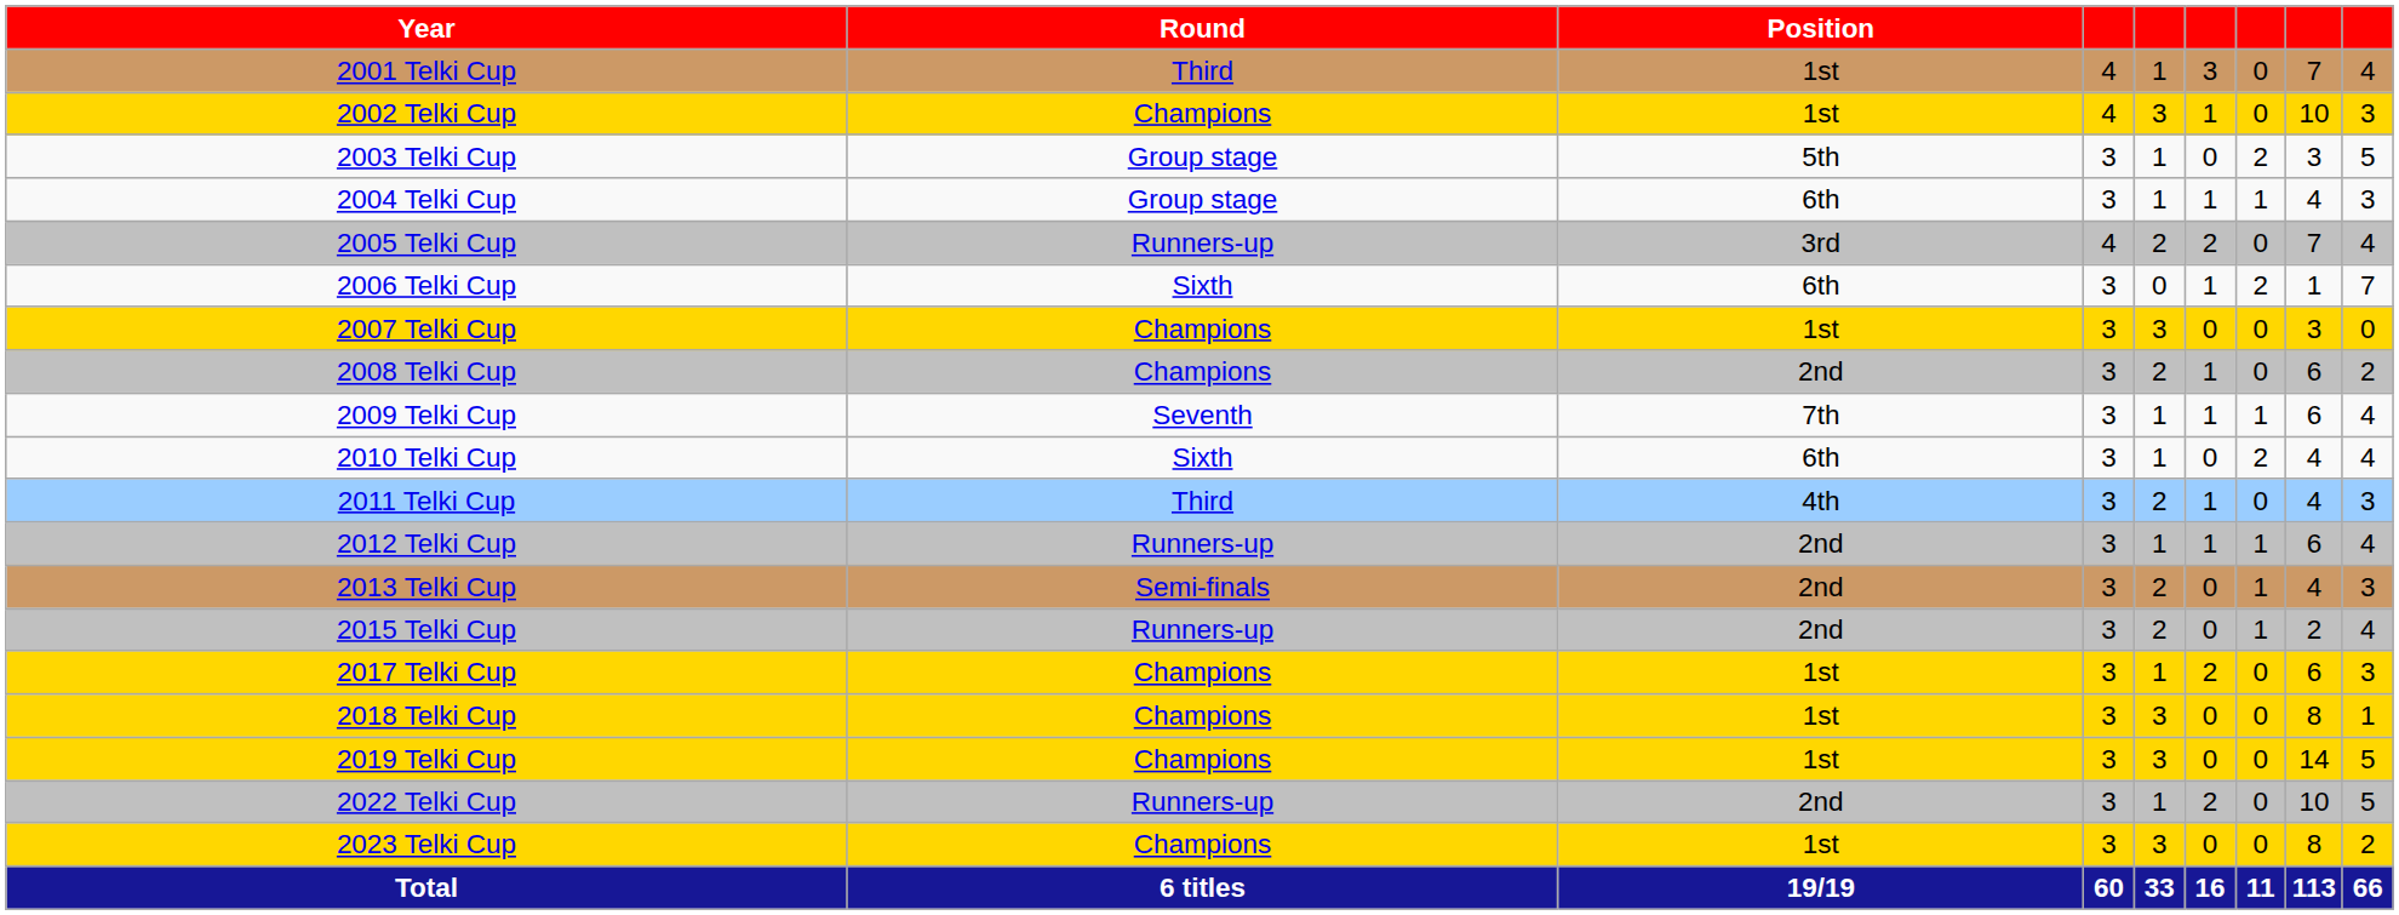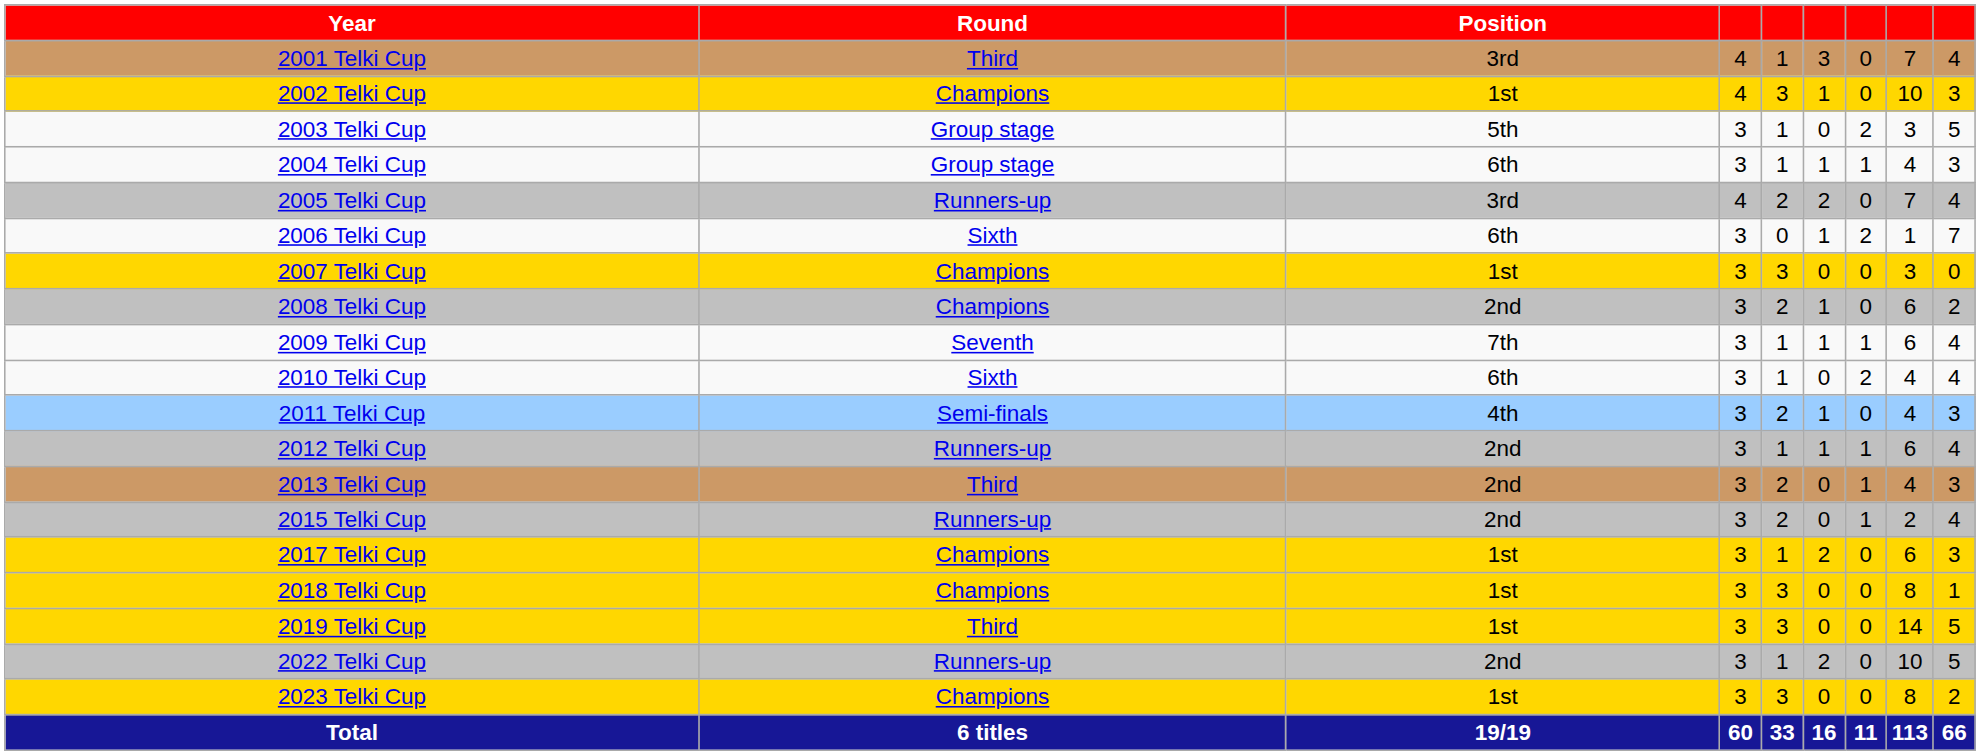 <table class="wikitable" style="font-size:90%; text-align:center;" width="100%" class="wikitable">
 <tr>
 <th style="background:#ff0000; color:white; ">Year</th>
 <th style="background:#ff0000; color:white; ">Round</th>
 <th style="background:#ff0000; color:white; ">Position</th>
 <th width="20" style="background:#ff0000; color:white; "></th>
 <th width="20" style="background:#ff0000; color:white; "></th>
 <th width="20" style="background:#ff0000; color:white; "></th>
 <th width="20" style="background:#ff0000; color:white; "></th>
 <th width="20" style="background:#ff0000; color:white; "></th>
 <th width="20" style="background:#ff0000; color:white; "></th>
 </tr>
 <tr bgcolor=#cc9966>
 <td> <a href='#'>2001 Telki Cup</a></td>
 <td><a href='#'>Third</a></td>
-<td>1st</td>
+<td>3rd</td>
 <td>4</td>
 <td>1</td>
 <td>3</td>
 <td>0</td>
 <td>7</td>
 <td>4</td>
 </tr>
 <tr bgcolor=gold>
 <td> <a href='#'>2002 Telki Cup</a></td>
 <td><a href='#'>Champions</a></td>
 <td>1st</td>
 <td>4</td>
 <td>3</td>
 <td>1</td>
 <td>0</td>
 <td>10</td>
 <td>3</td>
 </tr>
 <tr>
 <td> <a href='#'>2003 Telki Cup</a></td>
 <td><a href='#'>Group stage</a></td>
 <td>5th</td>
 <td>3</td>
 <td>1</td>
 <td>0</td>
 <td>2</td>
 <td>3</td>
 <td>5</td>
 </tr>
 <tr>
 <td> <a href='#'>2004 Telki Cup</a></td>
 <td><a href='#'>Group stage</a></td>
 <td>6th</td>
 <td>3</td>
 <td>1</td>
 <td>1</td>
 <td>1</td>
 <td>4</td>
 <td>3</td>
 </tr>
 <tr bgcolor=silver>
 <td> <a href='#'>2005 Telki Cup</a></td>
 <td><a href='#'>Runners-up</a></td>
 <td>3rd</td>
 <td>4</td>
 <td>2</td>
 <td>2</td>
 <td>0</td>
 <td>7</td>
 <td>4</td>
 </tr>
 <tr>
 <td> <a href='#'>2006 Telki Cup</a></td>
 <td><a href='#'>Sixth</a></td>
 <td>6th</td>
 <td>3</td>
 <td>0</td>
 <td>1</td>
 <td>2</td>
 <td>1</td>
 <td>7</td>
 </tr>
 <tr bgcolor=gold>
 <td> <a href='#'>2007 Telki Cup</a></td>
 <td><a href='#'>Champions</a></td>
 <td>1st</td>
 <td>3</td>
 <td>3</td>
 <td>0</td>
 <td>0</td>
 <td>3</td>
 <td>0</td>
 </tr>
 <tr bgcolor=silver>
 <td> <a href='#'>2008 Telki Cup</a></td>
 <td><a href='#'>Champions</a></td>
 <td>2nd</td>
 <td>3</td>
 <td>2</td>
 <td>1</td>
 <td>0</td>
 <td>6</td>
 <td>2</td>
 </tr>
 <tr>
 <td> <a href='#'>2009 Telki Cup</a></td>
 <td><a href='#'>Seventh</a></td>
 <td>7th</td>
 <td>3</td>
 <td>1</td>
 <td>1</td>
 <td>1</td>
 <td>6</td>
 <td>4</td>
 </tr>
 <tr>
 <td> <a href='#'>2010 Telki Cup</a></td>
 <td><a href='#'>Sixth</a></td>
 <td>6th</td>
 <td>3</td>
 <td>1</td>
 <td>0</td>
 <td>2</td>
 <td>4</td>
 <td>4</td>
 </tr>
 <tr bgcolor=#9acdff>
 <td> <a href='#'>2011 Telki Cup</a></td>
-<td><a href='#'>Third</a></td>
+<td><a href='#'>Semi-finals</a></td>
 <td>4th</td>
 <td>3</td>
 <td>2</td>
 <td>1</td>
 <td>0</td>
 <td>4</td>
 <td>3</td>
 </tr>
 <tr bgcolor=silver>
 <td> <a href='#'>2012 Telki Cup</a></td>
 <td><a href='#'>Runners-up</a></td>
 <td>2nd</td>
 <td>3</td>
 <td>1</td>
 <td>1</td>
 <td>1</td>
 <td>6</td>
 <td>4</td>
 </tr>
 <tr bgcolor=#cc9966>
 <td> <a href='#'>2013 Telki Cup</a></td>
-<td><a href='#'>Semi-finals</a></td>
+<td><a href='#'>Third</a></td>
 <td>2nd</td>
 <td>3</td>
 <td>2</td>
 <td>0</td>
 <td>1</td>
 <td>4</td>
 <td>3</td>
 </tr>
 <tr bgcolor=silver>
 <td> <a href='#'>2015 Telki Cup</a></td>
 <td><a href='#'>Runners-up</a></td>
 <td>2nd</td>
 <td>3</td>
 <td>2</td>
 <td>0</td>
 <td>1</td>
 <td>2</td>
 <td>4</td>
 </tr>
 <tr bgcolor=gold>
 <td> <a href='#'>2017 Telki Cup</a></td>
 <td><a href='#'>Champions</a></td>
 <td>1st</td>
 <td>3</td>
 <td>1</td>
 <td>2</td>
 <td>0</td>
 <td>6</td>
 <td>3</td>
 </tr>
 <tr bgcolor=gold>
 <td> <a href='#'>2018 Telki Cup</a></td>
 <td><a href='#'>Champions</a></td>
 <td>1st</td>
 <td>3</td>
 <td>3</td>
 <td>0</td>
 <td>0</td>
 <td>8</td>
 <td>1</td>
 </tr>
 <tr bgcolor=gold>
 <td> <a href='#'>2019 Telki Cup</a></td>
-<td><a href='#'>Champions</a></td>
+<td><a href='#'>Third</a></td>
 <td>1st</td>
 <td>3</td>
 <td>3</td>
 <td>0</td>
 <td>0</td>
 <td>14</td>
 <td>5</td>
 </tr>
 <tr bgcolor=silver>
 <td> <a href='#'>2022 Telki Cup</a></td>
 <td><a href='#'>Runners-up</a></td>
 <td>2nd</td>
 <td>3</td>
 <td>1</td>
 <td>2</td>
 <td>0</td>
 <td>10</td>
 <td>5</td>
 </tr>
 <tr bgcolor=gold>
 <td> <a href='#'>2023 Telki Cup</a></td>
 <td><a href='#'>Champions</a></td>
 <td>1st</td>
 <td>3</td>
 <td>3</td>
 <td>0</td>
 <td>0</td>
 <td>8</td>
 <td>2</td>
 </tr>
 <tr>
 <th style="background:#171796; color:white; ">Total</th>
 <th style="background:#171796; color:white; ">6 titles</th>
 <th style="background:#171796; color:white; ">19/19</th>
 <th style="background:#171796; color:white; ">60</th>
 <th style="background:#171796; color:white; ">33</th>
 <th style="background:#171796; color:white; ">16</th>
 <th style="background:#171796; color:white; ">11</th>
 <th style="background:#171796; color:white; ">113</th>
 <th style="background:#171796; color:white; ">66</th>
 </tr>
 </table>
